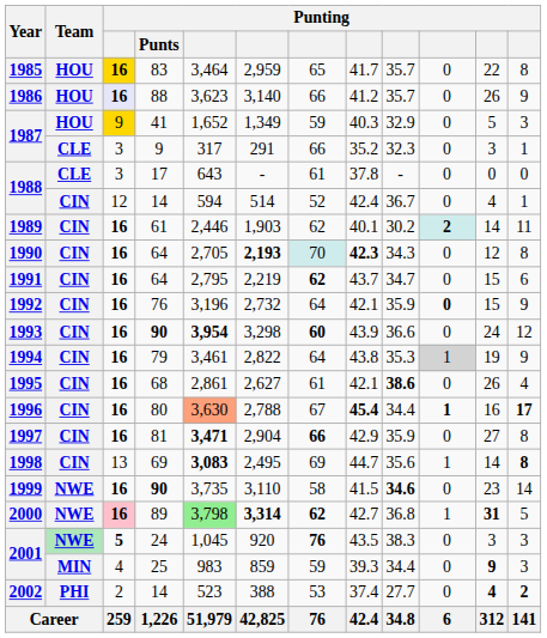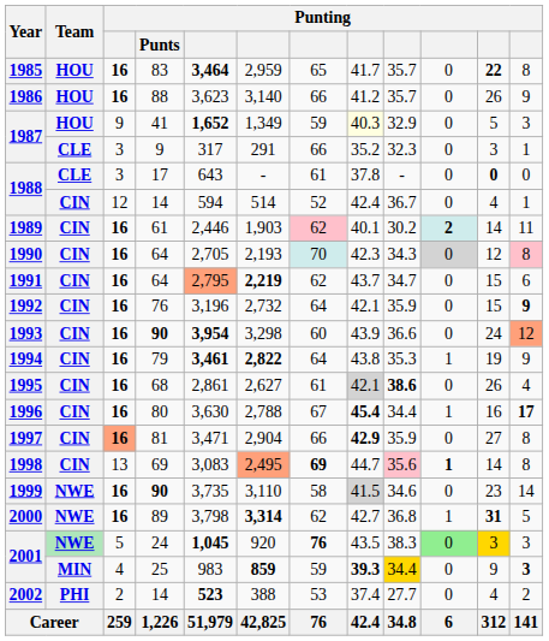 <table class=wikitable style="text-align:center;">
 <tr>
 <th rowspan="2">Year</th>
 <th rowspan="2">Team</th>
 <th colspan="10">Punting</th>
 </tr>
 <tr>
 <th></th>
 <th>Punts</th>
 <th></th>
 <th></th>
 <th></th>
 <th></th>
 <th></th>
 <th></th>
 <th></th>
 <th></th>
 </tr>
 <tr>
 <th><a href='#'>1985</a></th>
 <th><a href='#'>HOU</a></th>
-<td style="background: gold;"><strong>16</strong></td>
+<td><strong>16</strong></td>
 <td>83</td>
-<td>3,464</td>
+<td><strong>3,464</strong></td>
 <td>2,959</td>
 <td>65</td>
 <td>41.7</td>
 <td>35.7</td>
 <td>0</td>
-<td>22</td>
+<td><strong>22</strong></td>
 <td>8</td>
 </tr>
 <tr>
 <th><a href='#'>1986</a></th>
 <th><a href='#'>HOU</a></th>
-<td style="background: lavender;"><strong>16</strong></td>
+<td><strong>16</strong></td>
 <td>88</td>
 <td>3,623</td>
 <td>3,140</td>
 <td>66</td>
 <td>41.2</td>
 <td>35.7</td>
 <td>0</td>
 <td>26</td>
 <td>9</td>
 </tr>
 <tr>
 <th rowspan="2"><a href='#'>1987</a></th>
 <th><a href='#'>HOU</a></th>
-<td style="background: gold;">9</td>
+<td>9</td>
 <td>41</td>
-<td>1,652</td>
+<td><strong>1,652</strong></td>
 <td>1,349</td>
 <td>59</td>
-<td>40.3</td>
+<td style="background: lightyellow;">40.3</td>
 <td>32.9</td>
 <td>0</td>
 <td>5</td>
 <td>3</td>
 </tr>
 <tr>
 <th><a href='#'>CLE</a></th>
 <td>3</td>
 <td>9</td>
 <td>317</td>
 <td>291</td>
 <td>66</td>
 <td>35.2</td>
 <td>32.3</td>
 <td>0</td>
 <td>3</td>
 <td>1</td>
 </tr>
 <tr>
 <th rowspan="2"><a href='#'>1988</a></th>
 <th><a href='#'>CLE</a></th>
 <td>3</td>
 <td>17</td>
 <td>643</td>
 <td>-</td>
 <td>61</td>
 <td>37.8</td>
 <td>-</td>
 <td>0</td>
-<td>0</td>
+<td><strong>0</strong></td>
 <td>0</td>
 </tr>
 <tr>
 <th><a href='#'>CIN</a></th>
 <td>12</td>
 <td>14</td>
 <td>594</td>
 <td>514</td>
 <td>52</td>
 <td>42.4</td>
 <td>36.7</td>
 <td>0</td>
 <td>4</td>
 <td>1</td>
 </tr>
 <tr>
 <th><a href='#'>1989</a></th>
 <th><a href='#'>CIN</a></th>
 <td><strong>16</strong></td>
 <td>61</td>
 <td>2,446</td>
 <td>1,903</td>
-<td>62</td>
+<td style="background: pink;">62</td>
 <td>40.1</td>
 <td>30.2</td>
 <td style="background:#cfecec; width:3em;"><strong>2</strong></td>
 <td>14</td>
 <td>11</td>
 </tr>
 <tr>
 <th><a href='#'>1990</a></th>
 <th><a href='#'>CIN</a></th>
 <td><strong>16</strong></td>
 <td>64</td>
 <td>2,705</td>
-<td><strong>2,193</strong></td>
+<td>2,193</td>
 <td style="background:#cfecec; width:3em;">70</td>
-<td><strong>42.3</strong></td>
+<td>42.3</td>
 <td>34.3</td>
-<td>0</td>
+<td style="background: lightgrey;">0</td>
 <td>12</td>
-<td>8</td>
+<td style="background: pink;">8</td>
 </tr>
 <tr>
 <th><a href='#'>1991</a></th>
 <th><a href='#'>CIN</a></th>
 <td><strong>16</strong></td>
 <td>64</td>
-<td>2,795</td>
-<td>2,219</td>
-<td><strong>62</strong></td>
+<td style="background: lightsalmon;">2,795</td>
+<td><strong>2,219</strong></td>
+<td>62</td>
 <td>43.7</td>
 <td>34.7</td>
 <td>0</td>
 <td>15</td>
 <td>6</td>
 </tr>
 <tr>
 <th><a href='#'>1992</a></th>
 <th><a href='#'>CIN</a></th>
 <td><strong>16</strong></td>
 <td>76</td>
 <td>3,196</td>
 <td>2,732</td>
 <td>64</td>
 <td>42.1</td>
 <td>35.9</td>
-<td><strong>0</strong></td>
+<td>0</td>
 <td>15</td>
-<td>9</td>
+<td><strong>9</strong></td>
 </tr>
 <tr>
 <th><a href='#'>1993</a></th>
 <th><a href='#'>CIN</a></th>
 <td><strong>16</strong></td>
 <td><strong>90</strong></td>
 <td><strong>3,954</strong></td>
 <td>3,298</td>
-<td><strong>60</strong></td>
+<td>60</td>
 <td>43.9</td>
 <td>36.6</td>
 <td>0</td>
 <td>24</td>
-<td>12</td>
+<td style="background: lightsalmon;">12</td>
 </tr>
 <tr>
 <th><a href='#'>1994</a></th>
 <th><a href='#'>CIN</a></th>
 <td><strong>16</strong></td>
 <td>79</td>
-<td>3,461</td>
-<td>2,822</td>
+<td><strong>3,461</strong></td>
+<td><strong>2,822</strong></td>
 <td>64</td>
 <td>43.8</td>
 <td>35.3</td>
-<td style="background: lightgrey;">1</td>
+<td>1</td>
 <td>19</td>
 <td>9</td>
 </tr>
 <tr>
 <th><a href='#'>1995</a></th>
 <th><a href='#'>CIN</a></th>
 <td><strong>16</strong></td>
 <td>68</td>
 <td>2,861</td>
 <td>2,627</td>
 <td>61</td>
-<td>42.1</td>
+<td style="background: lightgrey;">42.1</td>
 <td><strong>38.6</strong></td>
 <td>0</td>
 <td>26</td>
 <td>4</td>
 </tr>
 <tr>
 <th><a href='#'>1996</a></th>
 <th><a href='#'>CIN</a></th>
 <td><strong>16</strong></td>
 <td>80</td>
-<td style="background: lightsalmon;">3,630</td>
+<td>3,630</td>
 <td>2,788</td>
 <td>67</td>
 <td><strong>45.4</strong></td>
 <td>34.4</td>
-<td><strong>1</strong></td>
+<td>1</td>
 <td>16</td>
 <td><strong>17</strong></td>
 </tr>
 <tr>
 <th><a href='#'>1997</a></th>
 <th><a href='#'>CIN</a></th>
-<td><strong>16</strong></td>
+<td style="background: lightsalmon;"><strong>16</strong></td>
 <td>81</td>
-<td><strong>3,471</strong></td>
+<td>3,471</td>
 <td>2,904</td>
-<td><strong>66</strong></td>
-<td>42.9</td>
+<td>66</td>
+<td><strong>42.9</strong></td>
 <td>35.9</td>
 <td>0</td>
 <td>27</td>
 <td>8</td>
 </tr>
 <tr>
 <th><a href='#'>1998</a></th>
 <th><a href='#'>CIN</a></th>
 <td>13</td>
 <td>69</td>
-<td><strong>3,083</strong></td>
-<td>2,495</td>
-<td>69</td>
+<td>3,083</td>
+<td style="background: lightsalmon;">2,495</td>
+<td><strong>69</strong></td>
 <td>44.7</td>
-<td>35.6</td>
-<td>1</td>
+<td style="background: pink;">35.6</td>
+<td><strong>1</strong></td>
 <td>14</td>
-<td><strong>8</strong></td>
+<td>8</td>
 </tr>
 <tr>
 <th><a href='#'>1999</a></th>
 <th><a href='#'>NWE</a></th>
 <td><strong>16</strong></td>
 <td><strong>90</strong></td>
 <td>3,735</td>
 <td>3,110</td>
 <td>58</td>
-<td>41.5</td>
-<td><strong>34.6</strong></td>
+<td style="background: lightgrey;">41.5</td>
+<td>34.6</td>
 <td>0</td>
 <td>23</td>
 <td>14</td>
 </tr>
 <tr>
 <th><a href='#'>2000</a></th>
 <th><a href='#'>NWE</a></th>
-<td style="background: pink;"><strong>16</strong></td>
+<td><strong>16</strong></td>
 <td>89</td>
-<td style="background: lightgreen;">3,798</td>
+<td>3,798</td>
 <td><strong>3,314</strong></td>
-<td><strong>62</strong></td>
+<td>62</td>
 <td>42.7</td>
 <td>36.8</td>
 <td>1</td>
 <td><strong>31</strong></td>
 <td>5</td>
 </tr>
 <tr>
 <th rowspan="2"><a href='#'>2001</a></th>
 <th style="background:#afe6ba; width:3em;"><a href='#'>NWE</a></th>
-<td><strong>5</strong></td>
+<td>5</td>
 <td>24</td>
-<td>1,045</td>
+<td><strong>1,045</strong></td>
 <td>920</td>
 <td><strong>76</strong></td>
 <td>43.5</td>
 <td>38.3</td>
-<td>0</td>
-<td>3</td>
+<td style="background: lightgreen;">0</td>
+<td style="background: gold;">3</td>
 <td>3</td>
 </tr>
 <tr>
 <th><a href='#'>MIN</a></th>
 <td>4</td>
 <td>25</td>
 <td>983</td>
-<td>859</td>
+<td><strong>859</strong></td>
 <td>59</td>
-<td>39.3</td>
-<td>34.4</td>
+<td><strong>39.3</strong></td>
+<td style="background: gold;">34.4</td>
 <td>0</td>
-<td><strong>9</strong></td>
-<td>3</td>
+<td>9</td>
+<td><strong>3</strong></td>
 </tr>
 <tr>
 <th><a href='#'>2002</a></th>
 <th><a href='#'>PHI</a></th>
 <td>2</td>
 <td>14</td>
-<td>523</td>
+<td><strong>523</strong></td>
 <td>388</td>
 <td>53</td>
 <td>37.4</td>
 <td>27.7</td>
 <td>0</td>
-<td><strong>4</strong></td>
-<td><strong>2</strong></td>
+<td>4</td>
+<td>2</td>
 </tr>
 <tr>
 <th colspan="2">Career</th>
 <th>259</th>
 <th>1,226</th>
 <th>51,979</th>
 <th>42,825</th>
 <th>76</th>
 <th>42.4</th>
 <th>34.8</th>
 <th>6</th>
 <th>312</th>
 <th>141</th>
 </tr>
 </table>
